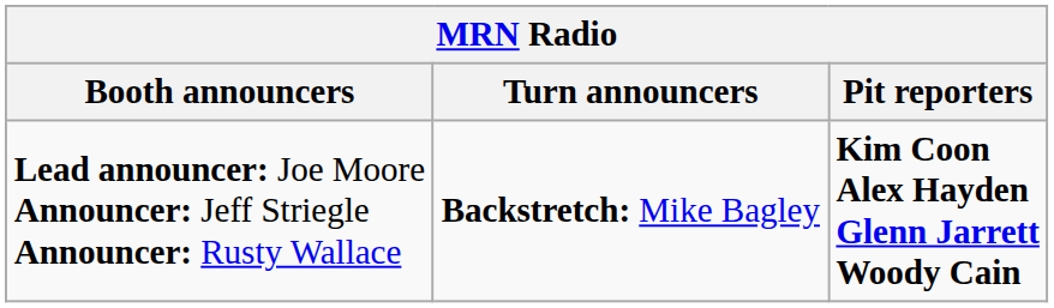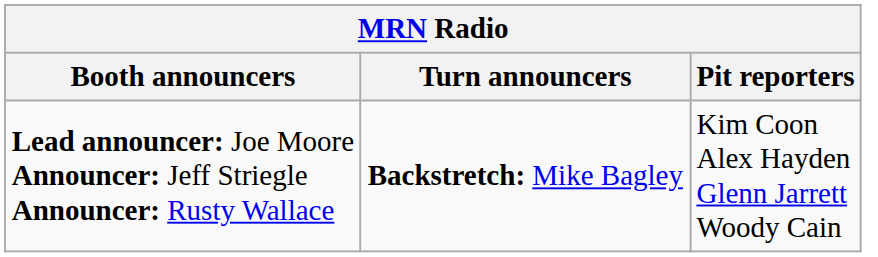 <table class="wikitable" style="font-size: 95%">
 <tr>
 <th colspan="3"><a href='#'>MRN</a> Radio</th>
 </tr>
 <tr>
 <th>Booth announcers</th>
 <th>Turn announcers</th>
 <th>Pit reporters</th>
 </tr>
 <tr>
 <td><strong>Lead announcer:</strong> Joe Moore<br><strong>Announcer:</strong> Jeff Striegle<br><strong>Announcer:</strong> <a href='#'>Rusty Wallace</a></td>
 <td><strong>Backstretch:</strong> <a href='#'>Mike Bagley</a></td>
-<td><strong>Kim Coon<br>Alex Hayden<br><a href='#'>Glenn Jarrett</a><br>Woody Cain</strong></td>
+<td>Kim Coon<br>Alex Hayden<br><a href='#'>Glenn Jarrett</a><br>Woody Cain</td>
 </tr>
 </table>
